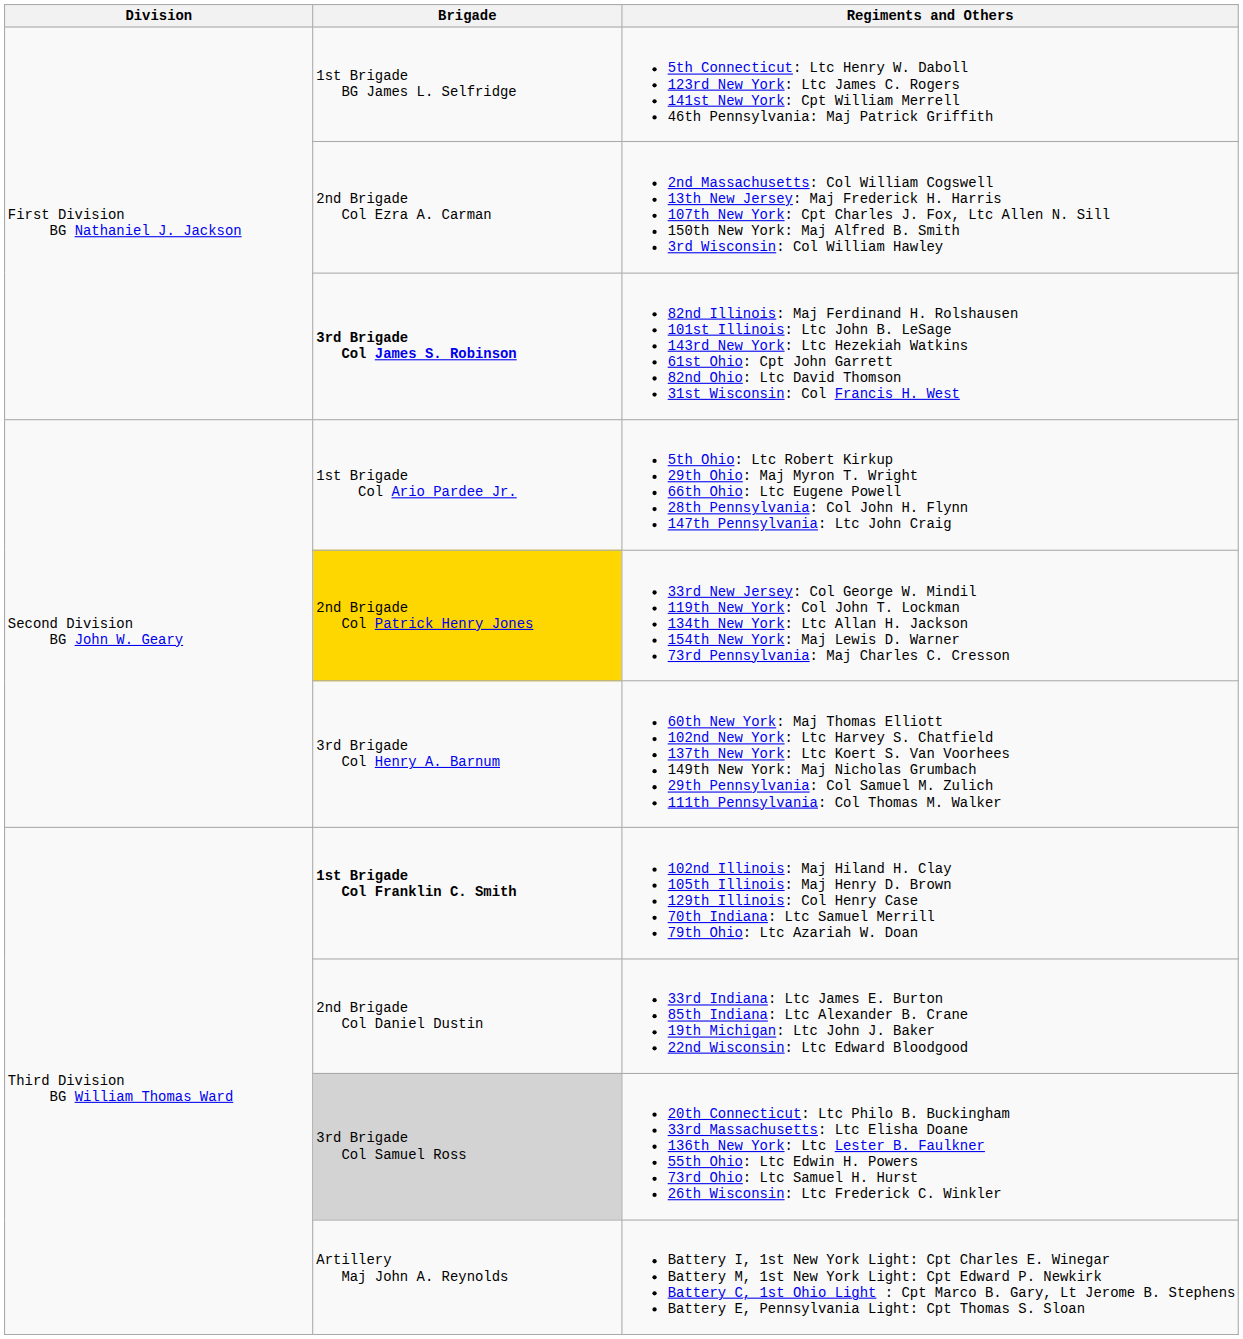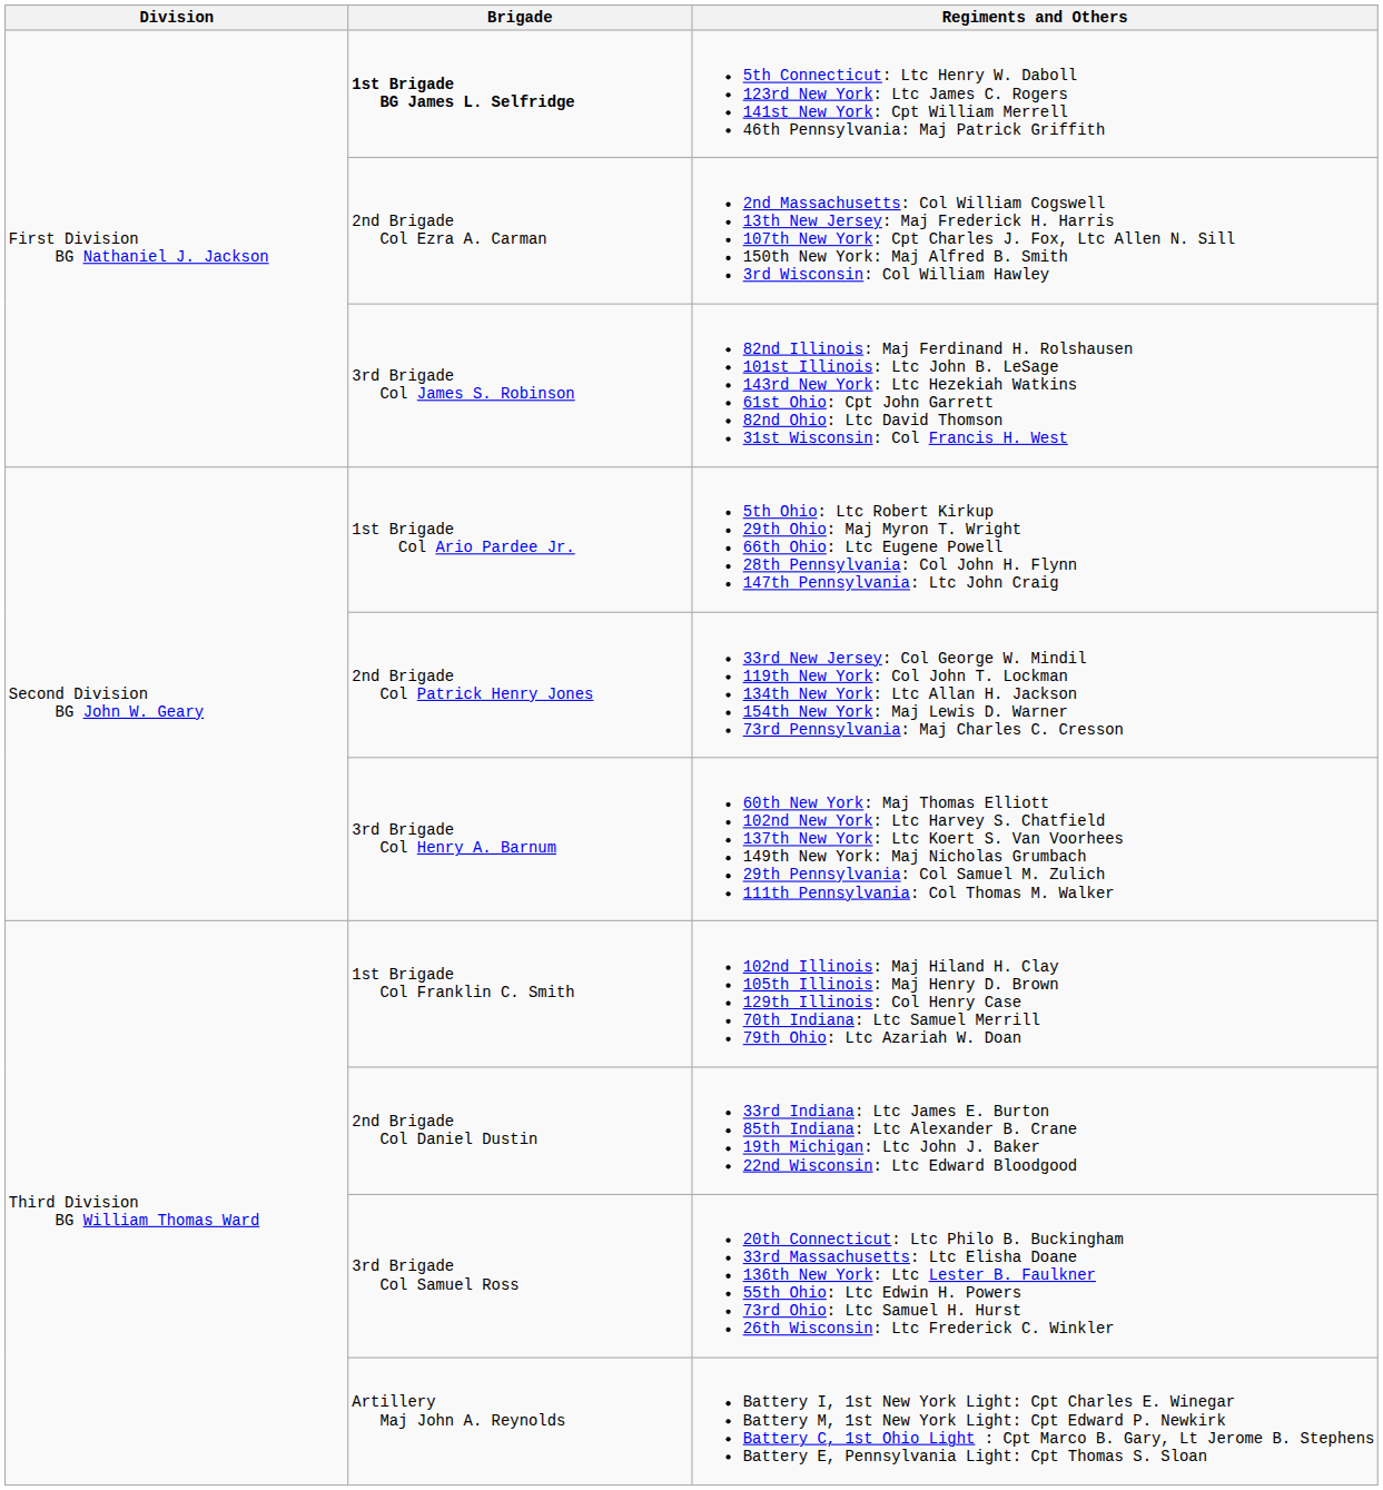 <table class="wikitable">
 <tr>
 <th width=25%>Division</th>
 <th width=25%>Brigade</th>
 <th>Regiments and Others</th>
 </tr>
 <tr>
 <td rowspan=3><br>First Division <br>     BG <a href='#'>Nathaniel J. Jackson</a><br> </td>
-<td>1st Brigade<br>   BG James L. Selfridge</td>
+<td><strong>1st Brigade<br>   BG James L. Selfridge</strong></td>
 <td><br><ul><li><a href='#'>5th Connecticut</a>: Ltc Henry W. Daboll</li><li><a href='#'>123rd New York</a>: Ltc James C. Rogers</li><li><a href='#'>141st New York</a>: Cpt William Merrell</li><li>46th Pennsylvania: Maj Patrick Griffith</li></ul></td>
 </tr>
 <tr>
 <td>2nd Brigade<br>   Col Ezra A. Carman</td>
 <td><br><ul><li><a href='#'>2nd Massachusetts</a>: Col William Cogswell</li><li><a href='#'>13th New Jersey</a>: Maj Frederick H. Harris</li><li><a href='#'>107th New York</a>: Cpt Charles J. Fox, Ltc Allen N. Sill</li><li>150th New York: Maj Alfred B. Smith</li><li><a href='#'>3rd Wisconsin</a>: Col William Hawley</li></ul></td>
 </tr>
 <tr>
-<td><strong>3rd Brigade<br>   Col <a href='#'>James S. Robinson</a></strong></td>
+<td>3rd Brigade<br>   Col <a href='#'>James S. Robinson</a></td>
 <td><br><ul><li><a href='#'>82nd Illinois</a>: Maj Ferdinand H. Rolshausen</li><li><a href='#'>101st Illinois</a>: Ltc John B. LeSage</li><li><a href='#'>143rd New York</a>: Ltc Hezekiah Watkins</li><li><a href='#'>61st Ohio</a>: Cpt John Garrett</li><li><a href='#'>82nd Ohio</a>: Ltc David Thomson</li><li><a href='#'>31st Wisconsin</a>: Col <a href='#'>Francis H. West</a></li></ul></td>
 </tr>
 <tr>
 <td rowspan=3><br>Second Division <br>     BG <a href='#'>John W. Geary</a></td>
 <td>1st Brigade<br>     Col <a href='#'>Ario Pardee Jr.</a></td>
 <td><br><ul><li><a href='#'>5th Ohio</a>: Ltc Robert Kirkup</li><li><a href='#'>29th Ohio</a>: Maj Myron T. Wright</li><li><a href='#'>66th Ohio</a>: Ltc Eugene Powell</li><li><a href='#'>28th Pennsylvania</a>: Col John H. Flynn</li><li><a href='#'>147th Pennsylvania</a>: Ltc John Craig</li></ul></td>
 </tr>
 <tr>
-<td style="background: gold;">2nd Brigade<br>   Col <a href='#'>Patrick Henry Jones</a></td>
+<td>2nd Brigade<br>   Col <a href='#'>Patrick Henry Jones</a></td>
 <td><br><ul><li><a href='#'>33rd New Jersey</a>: Col George W. Mindil</li><li><a href='#'>119th New York</a>: Col John T. Lockman</li><li><a href='#'>134th New York</a>: Ltc Allan H. Jackson</li><li><a href='#'>154th New York</a>: Maj Lewis D. Warner</li><li><a href='#'>73rd Pennsylvania</a>: Maj Charles C. Cresson</li></ul></td>
 </tr>
 <tr>
 <td>3rd Brigade<br>   Col <a href='#'>Henry A. Barnum</a></td>
 <td><br><ul><li><a href='#'>60th New York</a>: Maj Thomas Elliott</li><li><a href='#'>102nd New York</a>: Ltc Harvey S. Chatfield</li><li><a href='#'>137th New York</a>: Ltc Koert S. Van Voorhees</li><li>149th New York: Maj Nicholas Grumbach</li><li><a href='#'>29th Pennsylvania</a>: Col Samuel M. Zulich</li><li><a href='#'>111th Pennsylvania</a>: Col Thomas M. Walker</li></ul></td>
 </tr>
 <tr>
 <td rowspan=4><br>Third Division <br>     BG <a href='#'>William Thomas Ward</a></td>
-<td><strong>1st Brigade<br>   Col Franklin C. Smith<br> </strong></td>
+<td>1st Brigade<br>   Col Franklin C. Smith<br> </td>
 <td><br><ul><li><a href='#'>102nd Illinois</a>: Maj Hiland H. Clay</li><li><a href='#'>105th Illinois</a>:  Maj Henry D. Brown</li><li><a href='#'>129th Illinois</a>: Col Henry Case</li><li><a href='#'>70th Indiana</a>: Ltc Samuel Merrill</li><li><a href='#'>79th Ohio</a>: Ltc Azariah W. Doan</li></ul></td>
 </tr>
 <tr>
 <td>2nd Brigade<br>   Col Daniel Dustin</td>
 <td><br><ul><li><a href='#'>33rd Indiana</a>: Ltc James E. Burton</li><li><a href='#'>85th Indiana</a>: Ltc Alexander B. Crane</li><li><a href='#'>19th Michigan</a>: Ltc John J. Baker</li><li><a href='#'>22nd Wisconsin</a>: Ltc Edward Bloodgood</li></ul></td>
 </tr>
 <tr>
-<td style="background: lightgrey;">3rd Brigade<br>   Col Samuel Ross</td>
+<td>3rd Brigade<br>   Col Samuel Ross</td>
 <td><br><ul><li><a href='#'>20th Connecticut</a>: Ltc Philo B. Buckingham</li><li><a href='#'>33rd Massachusetts</a>: Ltc Elisha Doane</li><li><a href='#'>136th New York</a>: Ltc <a href='#'>Lester B. Faulkner</a></li><li><a href='#'>55th Ohio</a>: Ltc Edwin H. Powers</li><li><a href='#'>73rd Ohio</a>: Ltc Samuel H. Hurst</li><li><a href='#'>26th Wisconsin</a>: Ltc Frederick C. Winkler</li></ul></td>
 </tr>
 <tr>
 <td>Artillery<br>   Maj John A. Reynolds<br>  </td>
 <td><br><ul><li>Battery I, 1st New York Light: Cpt Charles E. Winegar</li><li>Battery M, 1st New York Light: Cpt Edward P. Newkirk</li><li><a href='#'>Battery C, 1st Ohio Light</a> : Cpt Marco B. Gary, Lt Jerome B. Stephens</li><li>Battery E, Pennsylvania Light: Cpt Thomas S. Sloan</li></ul></td>
 </tr>
 </table>
